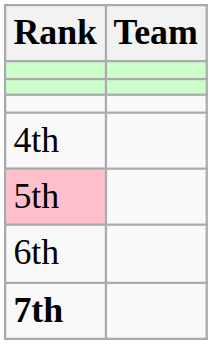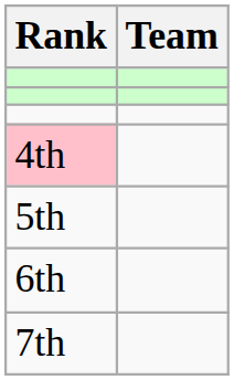 <table class="wikitable">
 <tr>
 <th>Rank</th>
 <th>Team</th>
 </tr>
 <tr bgcolor="#ccffcc">
 <td></td>
 <td></td>
 </tr>
 <tr bgcolor="#ccffcc">
 <td></td>
 <td></td>
 </tr>
 <tr>
 <td></td>
 <td></td>
 </tr>
 <tr>
-<td>4th</td>
+<td style="background: pink;">4th</td>
 <td></td>
 </tr>
 <tr>
-<td style="background: pink;">5th</td>
+<td>5th</td>
 <td></td>
 </tr>
 <tr>
 <td>6th</td>
 <td></td>
 </tr>
 <tr>
-<td><strong>7th</strong></td>
+<td>7th</td>
 <td></td>
 </tr>
 </table>
